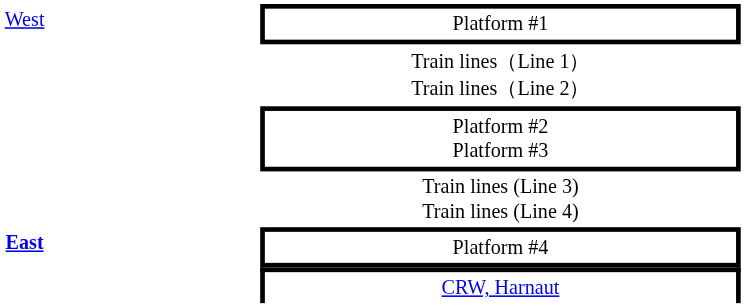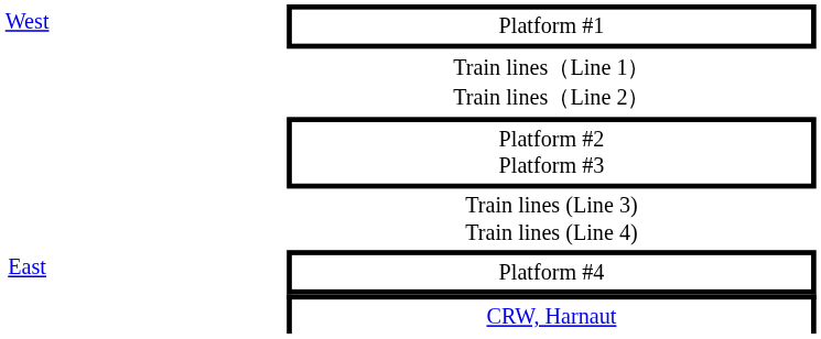 <table cellspacing=0 cellpadding=2 style="text-align: center;font-size: small;">
 <tr>
 <td style= width:50px; valign=top><a href='#'>West</a></td>
 <td style="width:300px; border-bottom:solid; border-top:solid; border-left:solid; border-right:solid;">Platform #1</td>
 </tr>
 <tr>
 <td style="width:300px;" border-top:solid;valign=top></td>
 <td style=valign=center>Train lines（Line 1）<br>Train lines（Line 2）</td>
 </tr>
 <tr>
 <td style="width:50px;" valign=top></td>
 <td style="width:300px;border-bottom:solid; border-top:solid; border-left:solid; border-right:solid;" valign=center>Platform #2<br>Platform #3</td>
 </tr>
 <tr>
 <td style="width:50px;" valign=top></td>
 <td style="width:300px;" valign=center>Train lines (Line 3)<br>Train lines (Line 4)</td>
 </tr>
 <tr>
-<td style="width:50px;" valign=top><strong><a href='#'>East</a></strong></td>
+<td style="width:50px;" valign=top><a href='#'>East</a></td>
 <td style="width:300px; border-top:solid; border-left:solid; border-right:solid;border-bottom:solid;" valign=center>Platform #4</td>
 </tr>
 <tr>
 <td style="width:50px;" valign=top></td>
 <td style="width:300px; border-top:solid; border-left:solid; border-right:solid;" valign=center><a href='#'>CRW, Harnaut</a></td>
 </tr>
 </table>
